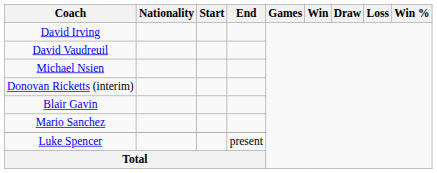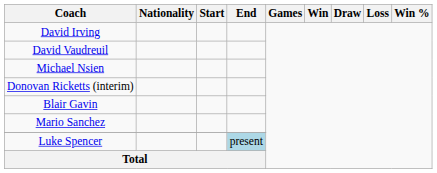 <table class="wikitable" style="text-align:center; margin-left: lem;">
 <tr>
 <th>Coach</th>
 <th>Nationality</th>
 <th>Start</th>
 <th>End</th>
 <th>Games</th>
 <th><strong>Win</strong></th>
 <th>Draw</th>
 <th>Loss</th>
 <th>Win %</th>
 </tr>
 <tr>
 <td><a href='#'>David Irving</a></td>
 <td></td>
 <td></td>
 <td><br></td>
 </tr>
 <tr>
 <td><a href='#'>David Vaudreuil</a></td>
 <td></td>
 <td></td>
 <td><br></td>
 </tr>
 <tr>
 <td><a href='#'>Michael Nsien</a></td>
 <td></td>
 <td></td>
 <td><br></td>
 </tr>
 <tr>
 <td><a href='#'>Donovan Ricketts</a> (interim)</td>
 <td></td>
 <td></td>
 <td><br></td>
 </tr>
 <tr>
 <td><a href='#'>Blair Gavin</a></td>
 <td></td>
 <td></td>
 <td><br></td>
 </tr>
 <tr>
 <td><a href='#'>Mario Sanchez</a></td>
 <td></td>
 <td></td>
 <td><br></td>
 </tr>
 <tr>
 </tr>
 <tr>
 <td><a href='#'>Luke Spencer</a></td>
 <td></td>
 <td></td>
-<td>present<br></td>
+<td style="background: lightblue;">present<br></td>
 </tr>
 <tr>
 <th colspan="4">Total<br></th>
 </tr>
 </table>
